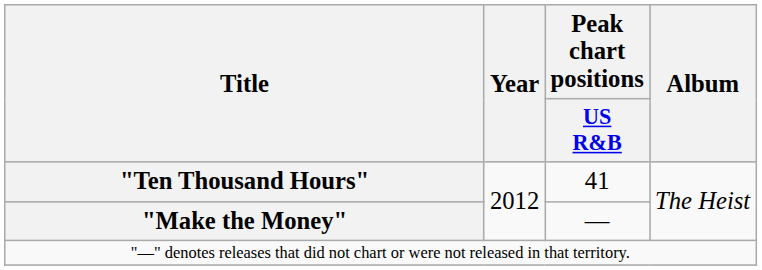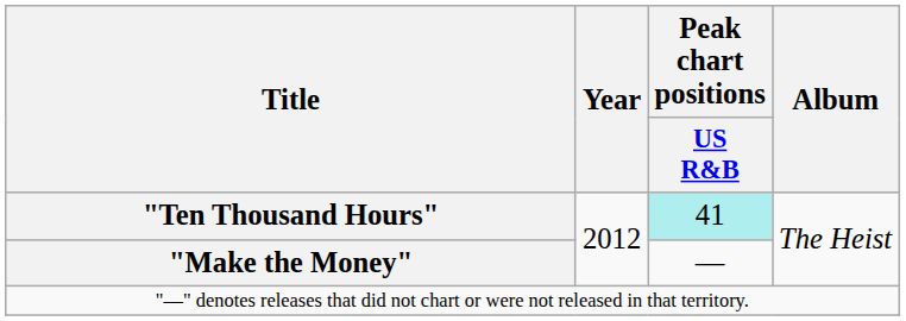 <table class="wikitable plainrowheaders" style="text-align:center;">
 <tr>
 <th scope="col" rowspan="2" style="width:19em;">Title</th>
 <th scope="col" rowspan="2">Year</th>
 <th colspan="1">Peak<br>chart<br>positions</th>
 <th scope="col" rowspan="2">Album</th>
 </tr>
 <tr>
 <th scope="col" style="width:2.5em;font-size:90%;"><a href='#'>US<br>R&B</a><br></th>
 </tr>
 <tr>
 <th scope="row">"Ten Thousand Hours"</th>
 <td rowspan="2">2012</td>
-<td>41</td>
+<td style="background: paleturquoise;">41</td>
 <td rowspan="2"><em>The Heist</em></td>
 </tr>
 <tr>
 <th scope="row">"Make the Money"</th>
 <td>—</td>
 </tr>
 <tr>
 <td colspan="17" align="center" style="font-size:8pt">"—" denotes releases that did not chart or were not released in that territory.</td>
 </tr>
 </table>
